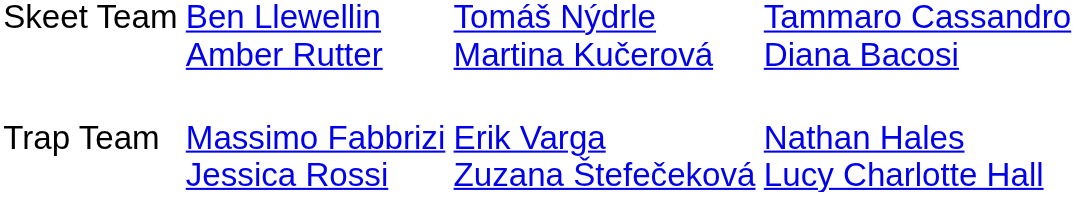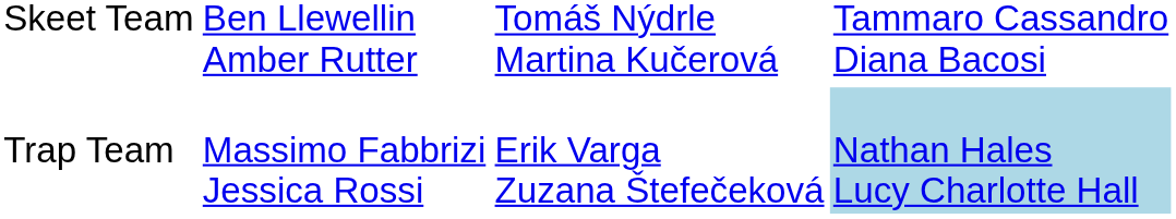 <table>
 <tr>
 <td>Skeet Team</td>
 <td><br><a href='#'>Ben Llewellin</a><br><a href='#'>Amber Rutter</a></td>
 <td><br><a href='#'>Tomáš Nýdrle</a><br><a href='#'>Martina Kučerová</a></td>
 <td><br><a href='#'>Tammaro Cassandro</a><br><a href='#'>Diana Bacosi</a></td>
 </tr>
 <tr>
 <td>Trap Team</td>
 <td><br><a href='#'>Massimo Fabbrizi</a><br><a href='#'>Jessica Rossi</a></td>
 <td><br><a href='#'>Erik Varga</a><br><a href='#'>Zuzana Štefečeková</a></td>
-<td><br><a href='#'>Nathan Hales</a><br><a href='#'>Lucy Charlotte Hall</a></td>
+<td style="background: lightblue;"><br><a href='#'>Nathan Hales</a><br><a href='#'>Lucy Charlotte Hall</a></td>
 </tr>
 </table>
